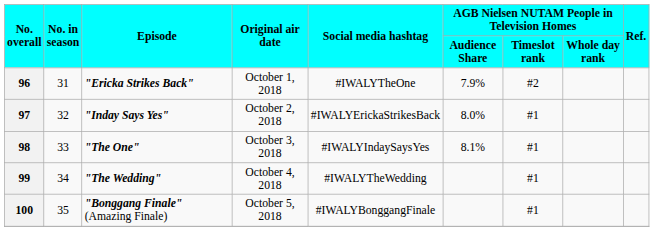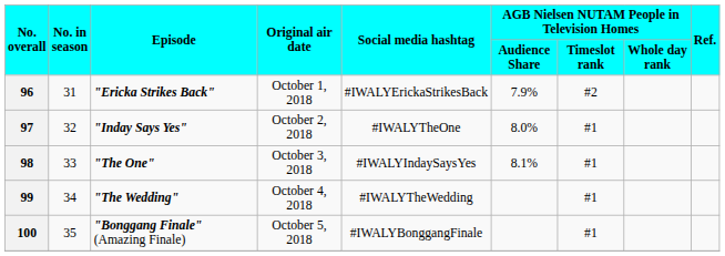 <table class="wikitable" style="text-align:center; font-size:100%; line-height:18px;" width="100%">
 <tr>
 <th style="background-color:#00FFFF; color:black;" rowspan="2">No.<br>overall</th>
 <th style="background-color:#00FFFF; color:black;" rowspan="2">No. in<br>season</th>
 <th style="background-color:#00FFFF; color:black;" rowspan="2">Episode</th>
 <th style="background-color:#00FFFF; color:black" rowspan="2">Original air date</th>
 <th style="background-color:#00FFFF; color:black" rowspan="2">Social media hashtag</th>
 <th style="background-color:#00FFFF; color:black;" colspan="3">AGB Nielsen NUTAM People in Television Homes</th>
 <th style="background-color:#00FFFF; color:black;" rowspan="2">Ref.</th>
 </tr>
 <tr>
 <th style="background-color:#00FFFF; width:75px; color:black;">Audience Share</th>
 <th style="background-color:#00FFFF; width:75px; color:black;">Timeslot<br>rank</th>
 <th style="background-color:#00FFFF; width:75px; color:black;">Whole day<br>rank</th>
 </tr>
 <tr>
 <th>96</th>
 <td>31</td>
 <td style="text-align: left;"><strong><em>"Ericka Strikes Back"</em></strong></td>
 <td>October 1, 2018</td>
-<td>#IWALYTheOne</td>
+<td>#IWALYErickaStrikesBack</td>
 <td>7.9%</td>
 <td>#2</td>
 <td></td>
 <td></td>
 </tr>
 <tr>
 <th>97</th>
 <td>32</td>
 <td style="text-align: left;"><strong><em>"Inday Says Yes"</em></strong></td>
 <td>October 2, 2018</td>
-<td>#IWALYErickaStrikesBack</td>
+<td>#IWALYTheOne</td>
 <td>8.0%</td>
 <td>#1</td>
 <td></td>
 <td></td>
 </tr>
 <tr>
 <th>98</th>
 <td>33</td>
 <td style="text-align: left;"><strong><em>"The One"</em></strong></td>
 <td>October 3, 2018</td>
 <td>#IWALYIndaySaysYes</td>
 <td>8.1%</td>
 <td>#1</td>
 <td></td>
 <td></td>
 </tr>
 <tr>
 <th>99</th>
 <td>34</td>
 <td style="text-align: left;"><strong><em>"The Wedding"</em></strong></td>
 <td>October 4, 2018</td>
 <td>#IWALYTheWedding</td>
 <td></td>
 <td>#1</td>
 <td></td>
 <td></td>
 </tr>
 <tr>
 <th>100</th>
 <td>35</td>
 <td style="text-align: left;"><strong><em>"Bonggang Finale"</em></strong> (Amazing Finale)</td>
 <td>October 5, 2018</td>
 <td>#IWALYBonggangFinale</td>
 <td></td>
 <td>#1</td>
 <td></td>
 <td></td>
 </tr>
 <tr>
 </tr>
 </table>
